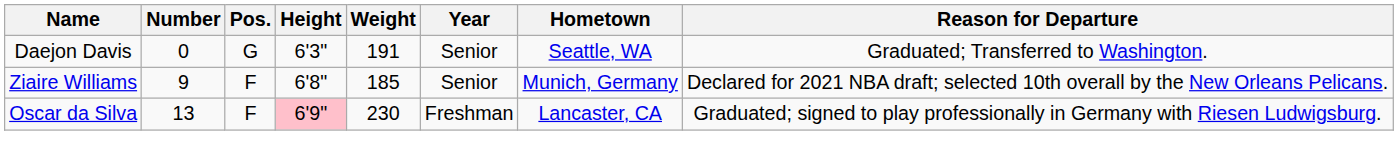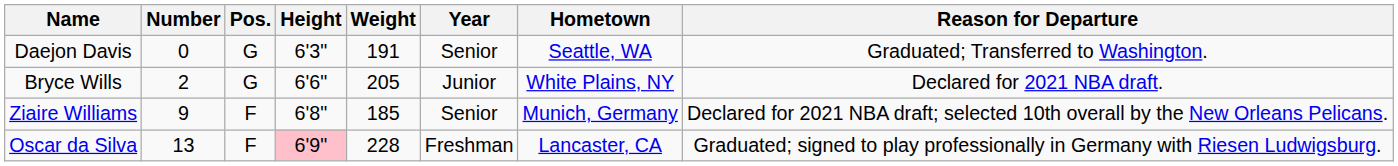 <table class="wikitable sortable sortable" style="text-align: center">
 <tr align=center>
 <th>Name</th>
 <th>Number</th>
 <th>Pos.</th>
 <th>Height</th>
 <th>Weight</th>
 <th>Year</th>
 <th>Hometown</th>
 <th>Reason for Departure</th>
 </tr>
 <tr>
 <td>Daejon Davis</td>
 <td>0</td>
 <td>G</td>
 <td>6'3"</td>
 <td>191</td>
 <td>Senior</td>
 <td><a href='#'>Seattle, WA</a></td>
 <td>Graduated; Transferred to <a href='#'>Washington</a>.</td>
 </tr>
 <tr>
+<td>Bryce Wills</td>
+<td>2</td>
+<td>G</td>
+<td>6'6"</td>
+<td>205</td>
+<td>Junior</td>
+<td><a href='#'>White Plains, NY</a></td>
+<td>Declared for <a href='#'>2021 NBA draft</a>.</td>
+</tr>
+<tr>
 <td><a href='#'>Ziaire Williams</a></td>
 <td>9</td>
 <td>F</td>
 <td>6'8"</td>
 <td>185</td>
 <td>Senior</td>
 <td><a href='#'>Munich, Germany</a></td>
 <td>Declared for 2021 NBA draft; selected 10th overall by the <a href='#'>New Orleans Pelicans</a>.</td>
 </tr>
 <tr>
 <td><a href='#'>Oscar da Silva</a></td>
 <td>13</td>
 <td>F</td>
 <td style="background: pink;">6'9"</td>
-<td>230</td>
+<td>228</td>
 <td>Freshman</td>
 <td><a href='#'>Lancaster, CA</a></td>
 <td>Graduated; signed to play professionally in Germany  with <a href='#'>Riesen Ludwigsburg</a>.</td>
 </tr>
 </table>
